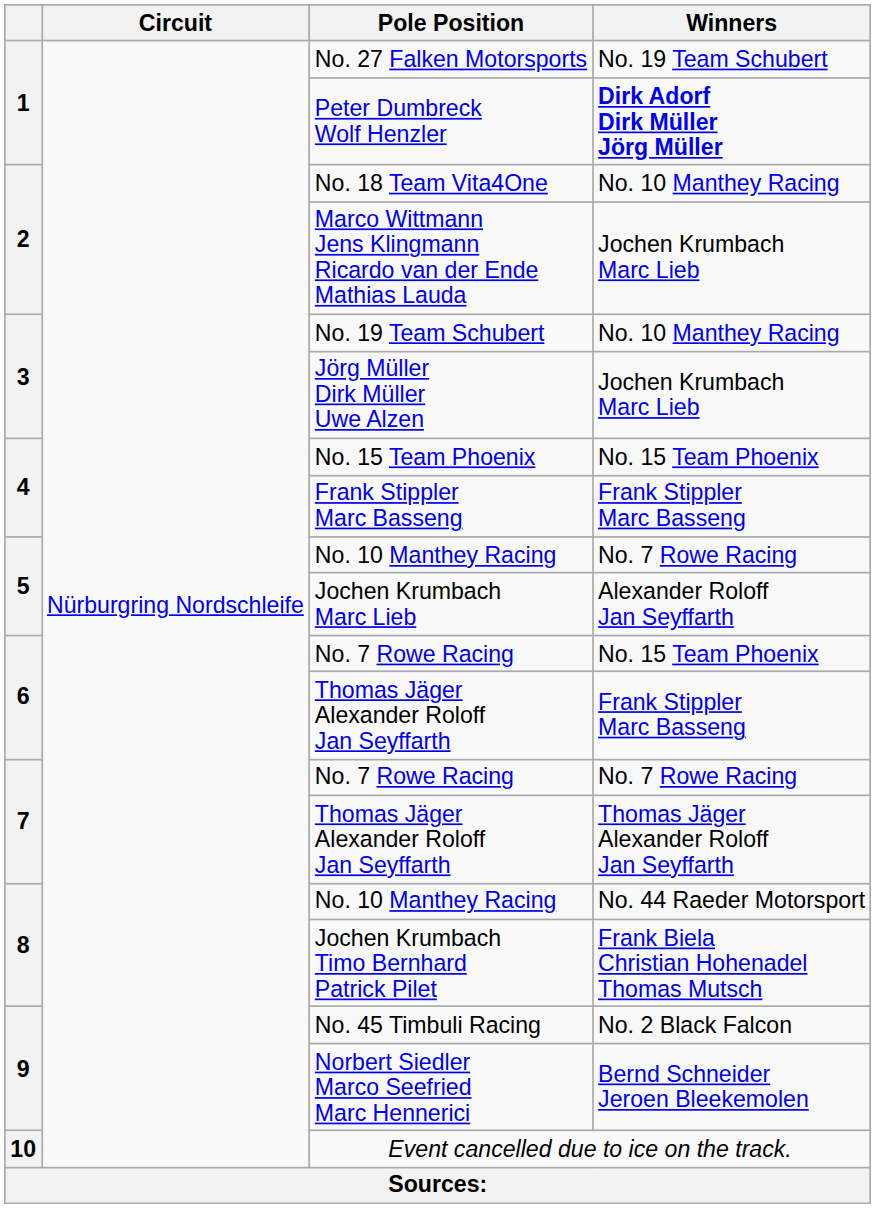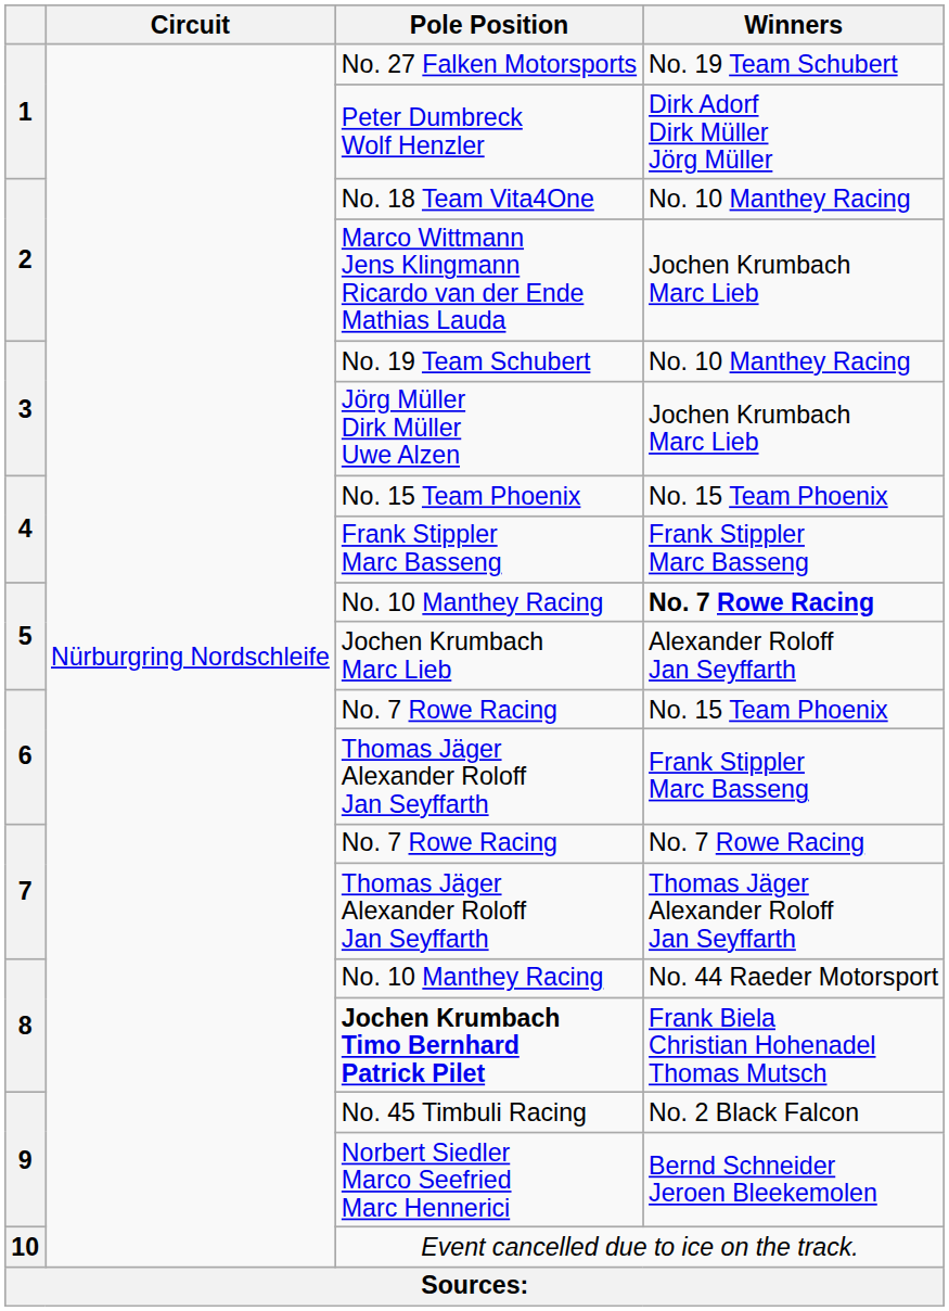 <table class="wikitable" style="font-size: 85%;">
 <tr>
 <th></th>
 <th>Circuit</th>
 <th>Pole Position</th>
 <th>Winners</th>
 </tr>
 <tr>
 <th rowspan=2>1</th>
 <td rowspan=19> <a href='#'>Nürburgring Nordschleife</a></td>
 <td>No. 27  <a href='#'>Falken Motorsports</a></td>
 <td>No. 19  <a href='#'>Team Schubert</a></td>
 </tr>
 <tr>
 <td> <a href='#'>Peter Dumbreck</a><br> <a href='#'>Wolf Henzler</a></td>
-<td><strong> <a href='#'>Dirk Adorf</a><br> <a href='#'>Dirk Müller</a><br> <a href='#'>Jörg Müller</a></strong></td>
+<td> <a href='#'>Dirk Adorf</a><br> <a href='#'>Dirk Müller</a><br> <a href='#'>Jörg Müller</a></td>
 </tr>
 <tr>
 <th rowspan=2>2</th>
 <td>No. 18  <a href='#'>Team Vita4One</a></td>
 <td>No. 10  <a href='#'>Manthey Racing</a></td>
 </tr>
 <tr>
 <td> <a href='#'>Marco Wittmann</a><br> <a href='#'>Jens Klingmann</a><br> <a href='#'>Ricardo van der Ende</a><br> <a href='#'>Mathias Lauda</a></td>
 <td> Jochen Krumbach<br> <a href='#'>Marc Lieb</a></td>
 </tr>
 <tr>
 <th rowspan=2>3</th>
 <td>No. 19  <a href='#'>Team Schubert</a></td>
 <td>No. 10  <a href='#'>Manthey Racing</a></td>
 </tr>
 <tr>
 <td> <a href='#'>Jörg Müller</a><br> <a href='#'>Dirk Müller</a><br> <a href='#'>Uwe Alzen</a></td>
 <td> Jochen Krumbach<br> <a href='#'>Marc Lieb</a></td>
 </tr>
 <tr>
 <th rowspan=2>4</th>
 <td>No. 15  <a href='#'>Team Phoenix</a></td>
 <td>No. 15  <a href='#'>Team Phoenix</a></td>
 </tr>
 <tr>
 <td> <a href='#'>Frank Stippler</a><br> <a href='#'>Marc Basseng</a></td>
 <td> <a href='#'>Frank Stippler</a><br> <a href='#'>Marc Basseng</a></td>
 </tr>
 <tr>
 <th rowspan=2>5</th>
 <td>No. 10  <a href='#'>Manthey Racing</a></td>
-<td>No. 7  <a href='#'>Rowe Racing</a></td>
+<td><strong>No. 7  <a href='#'>Rowe Racing</a></strong></td>
 </tr>
 <tr>
 <td> Jochen Krumbach<br> <a href='#'>Marc Lieb</a></td>
 <td> Alexander Roloff<br> <a href='#'>Jan Seyffarth</a></td>
 </tr>
 <tr>
 <th rowspan=2>6</th>
 <td>No. 7  <a href='#'>Rowe Racing</a></td>
 <td>No. 15  <a href='#'>Team Phoenix</a></td>
 </tr>
 <tr>
 <td> <a href='#'>Thomas Jäger</a><br> Alexander Roloff<br> <a href='#'>Jan Seyffarth</a></td>
 <td> <a href='#'>Frank Stippler</a><br> <a href='#'>Marc Basseng</a></td>
 </tr>
 <tr>
 <th rowspan=2>7</th>
 <td>No. 7  <a href='#'>Rowe Racing</a></td>
 <td>No. 7  <a href='#'>Rowe Racing</a></td>
 </tr>
 <tr>
 <td> <a href='#'>Thomas Jäger</a><br> Alexander Roloff<br> <a href='#'>Jan Seyffarth</a></td>
 <td> <a href='#'>Thomas Jäger</a><br> Alexander Roloff<br> <a href='#'>Jan Seyffarth</a></td>
 </tr>
 <tr>
 <th rowspan=2>8</th>
 <td>No. 10  <a href='#'>Manthey Racing</a></td>
 <td>No. 44  Raeder Motorsport</td>
 </tr>
 <tr>
-<td> Jochen Krumbach<br> <a href='#'>Timo Bernhard</a><br> <a href='#'>Patrick Pilet</a></td>
+<td><strong> Jochen Krumbach<br> <a href='#'>Timo Bernhard</a><br> <a href='#'>Patrick Pilet</a></strong></td>
 <td> <a href='#'>Frank Biela</a><br> <a href='#'>Christian Hohenadel</a><br> <a href='#'>Thomas Mutsch</a></td>
 </tr>
 <tr>
 <th rowspan=2>9</th>
 <td>No. 45  Timbuli Racing</td>
 <td>No. 2  Black Falcon</td>
 </tr>
 <tr>
 <td> <a href='#'>Norbert Siedler</a><br> <a href='#'>Marco Seefried</a><br> <a href='#'>Marc Hennerici</a></td>
 <td> <a href='#'>Bernd Schneider</a><br> <a href='#'>Jeroen Bleekemolen</a></td>
 </tr>
 <tr>
 <th>10</th>
 <td colspan=2 align=center><em>Event cancelled due to ice on the track.</em></td>
 </tr>
 <tr>
 <th colspan=4>Sources:</th>
 </tr>
 </table>
